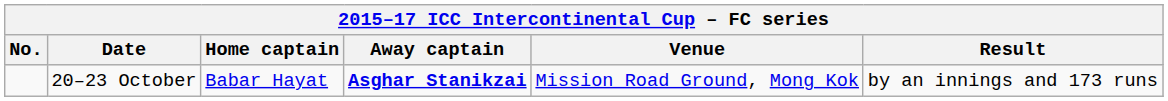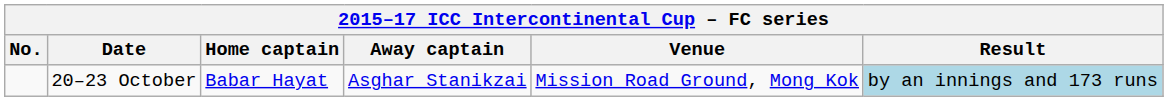 <table class="wikitable">
 <tr>
 <th colspan="6"><a href='#'>2015–17 ICC Intercontinental Cup</a> – FC series</th>
 </tr>
 <tr>
 <th>No.</th>
 <th>Date</th>
 <th>Home captain</th>
 <th>Away captain</th>
 <th>Venue</th>
 <th>Result</th>
 </tr>
 <tr>
 <td></td>
 <td>20–23 October</td>
 <td><a href='#'>Babar Hayat</a></td>
-<td><strong><a href='#'>Asghar Stanikzai</a></strong></td>
+<td><a href='#'>Asghar Stanikzai</a></td>
 <td><a href='#'>Mission Road Ground</a>, <a href='#'>Mong Kok</a></td>
-<td> by an innings and 173 runs</td>
+<td style="background: lightblue;"> by an innings and 173 runs</td>
 </tr>
 </table>
